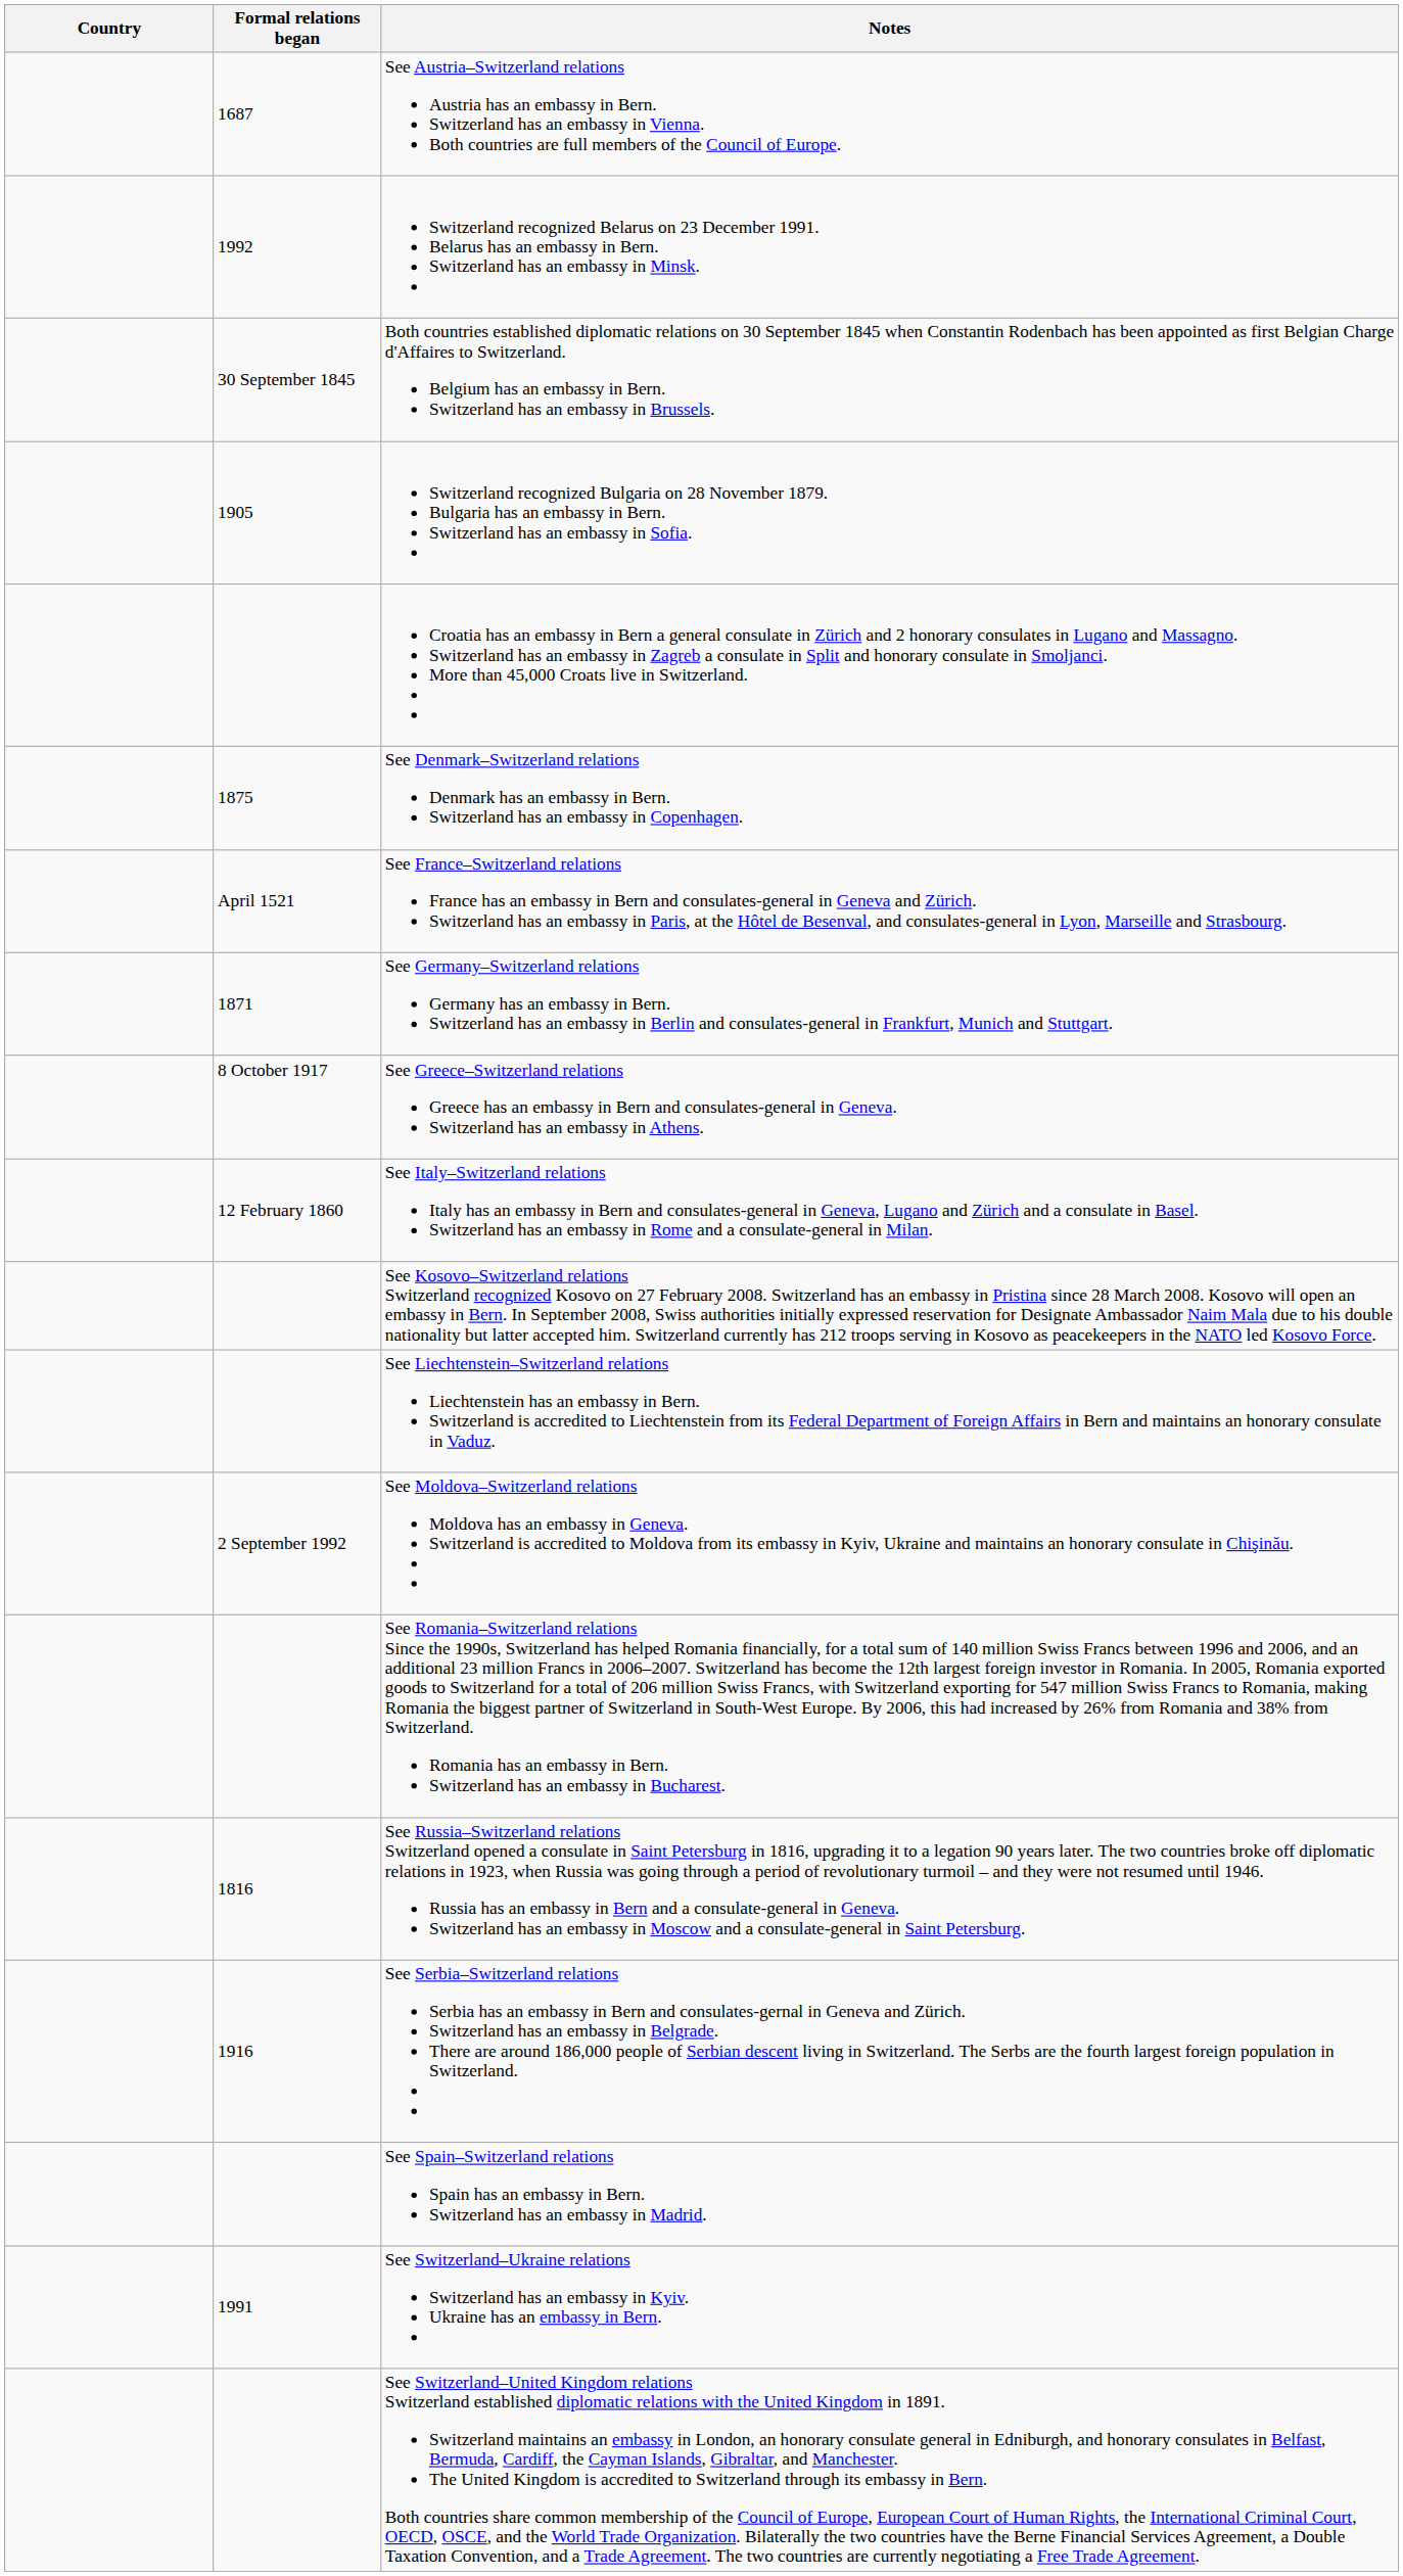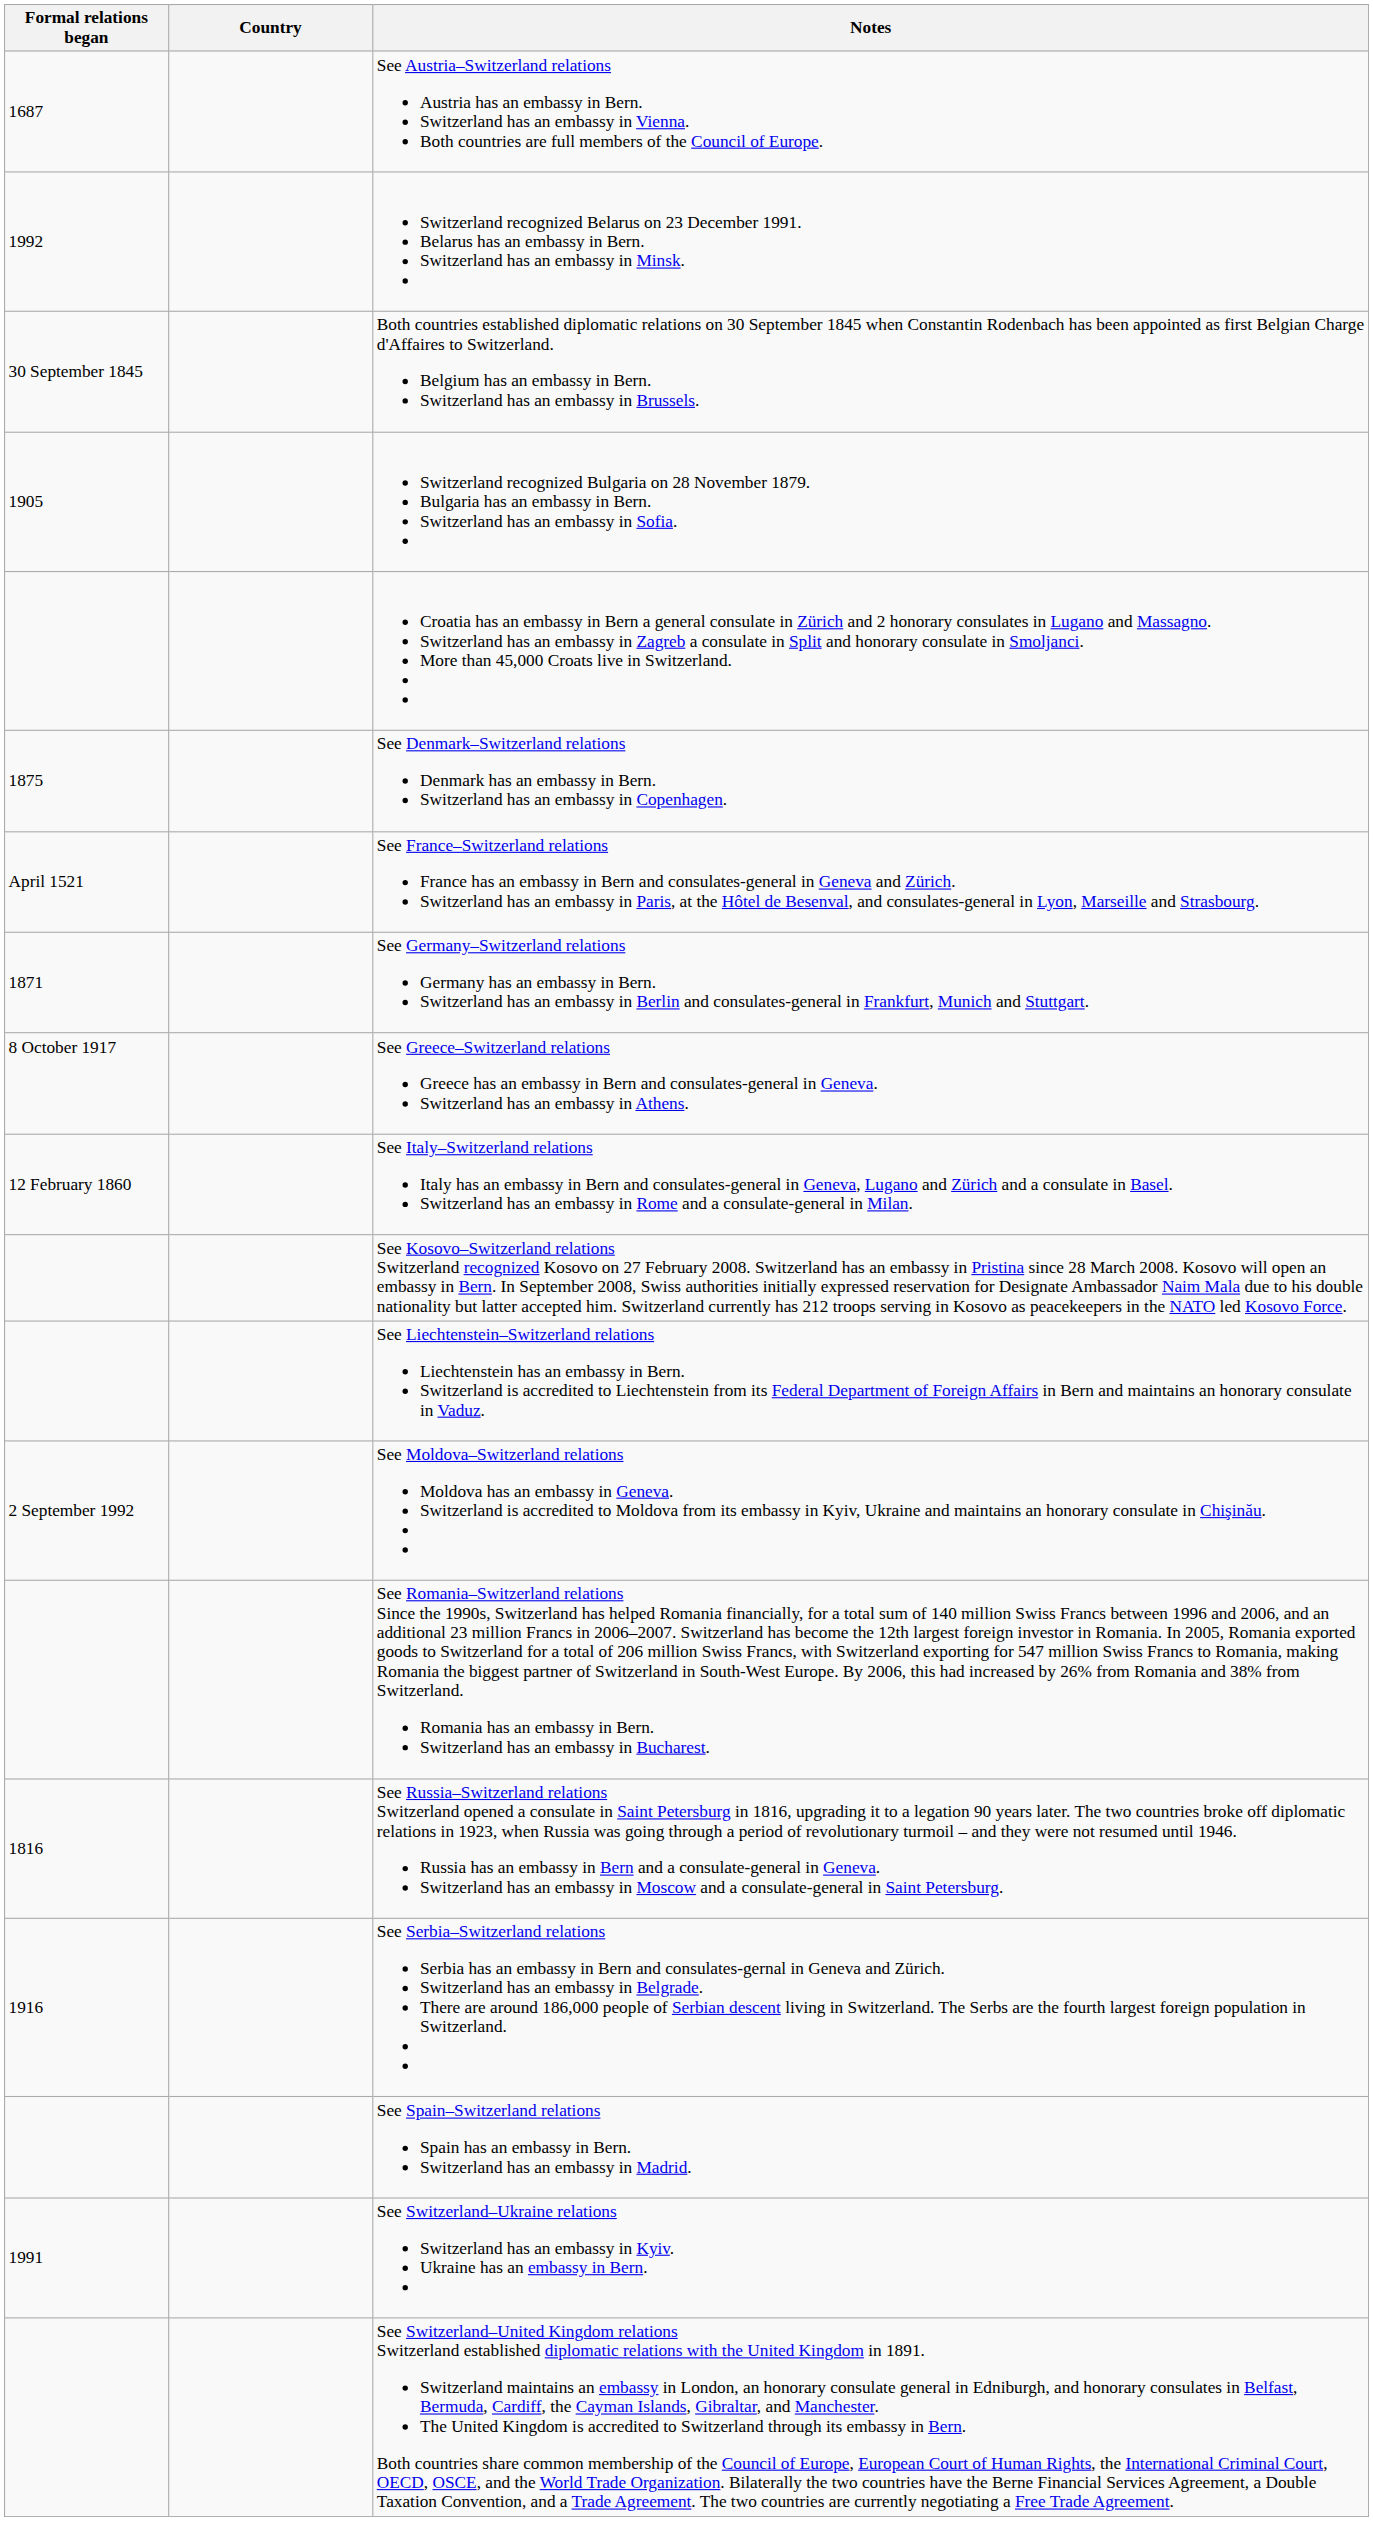 <table class="wikitable sortable" border="1" style="width:100%; margin:auto;">
 <tr>
+<th width="12%">Formal relations began</th>
 <th width="15%">Country</th>
-<th width="12%">Formal relations began</th>
 <th>Notes</th>
 </tr>
 <tr -valign="top">
+<td>1687</td>
 <td></td>
-<td>1687</td>
 <td>See <a href='#'>Austria–Switzerland relations</a><br><ul><li>Austria has an embassy in Bern.</li><li>Switzerland has an embassy in <a href='#'>Vienna</a>.</li><li>Both countries are full members of the <a href='#'>Council of Europe</a>.</li></ul></td>
 </tr>
 <tr -valign="top">
+<td>1992</td>
 <td></td>
-<td>1992</td>
 <td><br><ul><li>Switzerland recognized Belarus on 23 December 1991.</li><li>Belarus has an embassy in Bern.</li><li>Switzerland has an embassy in <a href='#'>Minsk</a>.</li><li></li></ul></td>
 </tr>
 <tr -valign="top">
+<td>30 September 1845</td>
 <td></td>
-<td>30 September 1845</td>
 <td>Both countries established diplomatic relations on 30 September 1845 when Constantin Rodenbach has been appointed as first Belgian Charge d'Affaires to Switzerland.<br><ul><li>Belgium has an embassy in Bern.</li><li>Switzerland has an embassy in <a href='#'>Brussels</a>.</li></ul></td>
 </tr>
 <tr -valign="top">
+<td>1905</td>
 <td></td>
-<td>1905</td>
 <td><br><ul><li>Switzerland recognized Bulgaria on 28 November 1879.</li><li>Bulgaria has an embassy in Bern.</li><li>Switzerland has an embassy in <a href='#'>Sofia</a>.</li><li></li></ul></td>
 </tr>
 <tr -valign="top">
 <td></td>
 <td></td>
 <td><br><ul><li>Croatia has an embassy in Bern a general consulate in <a href='#'>Zürich</a> and 2 honorary consulates in <a href='#'>Lugano</a> and <a href='#'>Massagno</a>.</li><li>Switzerland has an embassy in <a href='#'>Zagreb</a> a consulate in <a href='#'>Split</a> and honorary consulate in <a href='#'>Smoljanci</a>.</li><li>More than 45,000 Croats live in Switzerland.</li><li></li><li></li></ul></td>
 </tr>
 <tr -valign="top">
+<td>1875</td>
 <td></td>
-<td>1875</td>
 <td>See <a href='#'>Denmark–Switzerland relations</a><br><ul><li>Denmark has an embassy in Bern.</li><li>Switzerland has an embassy in <a href='#'>Copenhagen</a>.</li></ul></td>
 </tr>
 <tr -valign="top">
+<td>April 1521</td>
 <td></td>
-<td>April 1521</td>
 <td>See <a href='#'>France–Switzerland relations</a><br><ul><li>France has an embassy in Bern and consulates-general in <a href='#'>Geneva</a> and <a href='#'>Zürich</a>.</li><li>Switzerland has an embassy in <a href='#'>Paris</a>, at the <a href='#'>Hôtel de Besenval</a>, and consulates-general in <a href='#'>Lyon</a>, <a href='#'>Marseille</a> and <a href='#'>Strasbourg</a>.</li></ul></td>
 </tr>
 <tr -valign="top">
+<td>1871</td>
 <td></td>
-<td>1871</td>
 <td>See <a href='#'>Germany–Switzerland relations</a><br><ul><li>Germany has an embassy in Bern.</li><li>Switzerland has an embassy in <a href='#'>Berlin</a> and consulates-general in <a href='#'>Frankfurt</a>, <a href='#'>Munich</a> and <a href='#'>Stuttgart</a>.</li></ul></td>
 </tr>
 <tr valign="top">
+<td>8 October 1917</td>
 <td></td>
-<td>8 October 1917</td>
 <td>See <a href='#'>Greece–Switzerland relations</a><br><ul><li>Greece has an embassy in Bern and consulates-general in <a href='#'>Geneva</a>.</li><li>Switzerland has an embassy in <a href='#'>Athens</a>.</li></ul></td>
 </tr>
 <tr -valign="top">
+<td>12 February 1860</td>
 <td></td>
-<td>12 February 1860</td>
 <td>See <a href='#'>Italy–Switzerland relations</a><br><ul><li>Italy has an embassy in Bern and consulates-general in <a href='#'>Geneva</a>, <a href='#'>Lugano</a> and <a href='#'>Zürich</a> and a consulate in <a href='#'>Basel</a>.</li><li>Switzerland has an embassy in <a href='#'>Rome</a> and a consulate-general in <a href='#'>Milan</a>.</li></ul></td>
 </tr>
 <tr -valign="top">
 <td></td>
 <td></td>
 <td>See <a href='#'>Kosovo–Switzerland relations</a><br>Switzerland <a href='#'>recognized</a> Kosovo on 27 February 2008. Switzerland has an embassy in <a href='#'>Pristina</a> since 28 March 2008. Kosovo will open an embassy in <a href='#'>Bern</a>. In September 2008, Swiss authorities initially expressed reservation for Designate Ambassador <a href='#'>Naim Mala</a> due to his double nationality but latter accepted him. Switzerland currently has 212 troops serving in Kosovo as peacekeepers in the <a href='#'>NATO</a> led <a href='#'>Kosovo Force</a>.</td>
 </tr>
 <tr -valign="top">
 <td></td>
 <td></td>
 <td>See <a href='#'>Liechtenstein–Switzerland relations</a><br><ul><li>Liechtenstein has an embassy in Bern.</li><li>Switzerland is accredited to Liechtenstein from its <a href='#'>Federal Department of Foreign Affairs</a> in Bern and maintains an honorary consulate in <a href='#'>Vaduz</a>.</li></ul></td>
 </tr>
 <tr -valign="top">
+<td>2 September 1992</td>
 <td></td>
-<td>2 September 1992</td>
 <td>See <a href='#'>Moldova–Switzerland relations</a><br><ul><li>Moldova has an embassy in <a href='#'>Geneva</a>.</li><li>Switzerland is accredited to Moldova from its embassy in Kyiv, Ukraine and maintains an honorary consulate in <a href='#'>Chişinău</a>.</li><li> </li><li></li></ul></td>
 </tr>
 <tr -valign="top">
 <td></td>
 <td></td>
 <td>See <a href='#'>Romania–Switzerland relations</a><br>Since the 1990s, Switzerland has helped Romania financially, for a total sum of 140 million Swiss Francs between 1996 and 2006, and an additional 23 million Francs in 2006–2007. Switzerland has become the 12th largest foreign investor in Romania. In 2005, Romania exported goods to Switzerland for a total of 206 million Swiss Francs, with Switzerland exporting for 547 million Swiss Francs to Romania, making Romania the biggest partner of Switzerland in South-West Europe. By 2006, this had increased by 26% from Romania and 38% from Switzerland.<ul><li>Romania has an embassy in Bern.</li><li>Switzerland has an embassy in <a href='#'>Bucharest</a>.</li></ul></td>
 </tr>
 <tr -valign="top">
+<td>1816</td>
 <td></td>
-<td>1816</td>
 <td>See <a href='#'>Russia–Switzerland relations</a><br>Switzerland opened a consulate in <a href='#'>Saint Petersburg</a> in 1816, upgrading it to a legation 90 years later. The two countries broke off diplomatic relations in 1923, when Russia was going through a period of revolutionary turmoil – and they were not resumed until 1946.<ul><li>Russia has an embassy in <a href='#'>Bern</a> and a consulate-general in <a href='#'>Geneva</a>.</li><li>Switzerland has an embassy in <a href='#'>Moscow</a> and a consulate-general in <a href='#'>Saint Petersburg</a>.</li></ul></td>
 </tr>
 <tr -valign="top">
+<td>1916</td>
 <td></td>
-<td>1916</td>
 <td>See <a href='#'>Serbia–Switzerland relations</a><br><ul><li>Serbia has an embassy in Bern and consulates-gernal in Geneva and Zürich.</li><li>Switzerland has an embassy in <a href='#'>Belgrade</a>.</li><li>There are around 186,000 people of <a href='#'>Serbian descent</a> living in Switzerland. The Serbs are the fourth largest foreign population in Switzerland.</li><li> </li><li></li></ul></td>
 </tr>
 <tr -valign="top">
 <td></td>
 <td></td>
 <td>See <a href='#'>Spain–Switzerland relations</a><br><ul><li>Spain has an embassy in Bern.</li><li>Switzerland has an embassy in <a href='#'>Madrid</a>.</li></ul></td>
 </tr>
 <tr -valign="top">
+<td>1991</td>
 <td></td>
-<td>1991</td>
 <td>See <a href='#'>Switzerland–Ukraine relations</a><br><ul><li>Switzerland has an embassy in <a href='#'>Kyiv</a>.</li><li>Ukraine has an <a href='#'>embassy in Bern</a>.</li><li></li></ul></td>
 </tr>
 <tr valign="top">
 <td></td>
 <td></td>
 <td>See <a href='#'>Switzerland–United Kingdom relations</a><br>Switzerland established <a href='#'>diplomatic relations with the United Kingdom</a> in 1891.<ul><li>Switzerland maintains an <a href='#'>embassy</a> in London, an honorary consulate general in Edniburgh, and honorary consulates in <a href='#'>Belfast</a>, <a href='#'>Bermuda</a>, <a href='#'>Cardiff</a>, the <a href='#'>Cayman Islands</a>, <a href='#'>Gibraltar</a>, and <a href='#'>Manchester</a>.</li><li>The United Kingdom is accredited to Switzerland through its embassy in <a href='#'>Bern</a>.</li></ul>Both countries share common membership of the <a href='#'>Council of Europe</a>, <a href='#'>European Court of Human Rights</a>, the <a href='#'>International Criminal Court</a>, <a href='#'>OECD</a>, <a href='#'>OSCE</a>, and the <a href='#'>World Trade Organization</a>. Bilaterally the two countries have the Berne Financial Services Agreement, a Double Taxation Convention, and a <a href='#'>Trade Agreement</a>. The two countries are currently negotiating a <a href='#'>Free Trade Agreement</a>.</td>
 </tr>
 </table>
